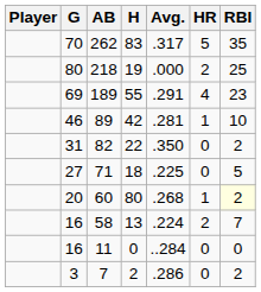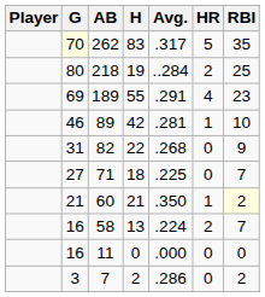 <table class="wikitable sortable" style="text-align:center;">
 <tr>
 <th>Player</th>
 <th>G</th>
 <th>AB</th>
 <th>H</th>
 <th>Avg.</th>
 <th>HR</th>
 <th>RBI</th>
 </tr>
 <tr>
 <td></td>
-<td>70</td>
+<td style="background: lightyellow;">70</td>
 <td>262</td>
 <td>83</td>
 <td>.317</td>
 <td>5</td>
 <td>35</td>
 </tr>
 <tr>
 <td></td>
 <td>80</td>
 <td>218</td>
 <td>19</td>
-<td>.000</td>
+<td>..284</td>
 <td>2</td>
 <td>25</td>
 </tr>
 <tr>
 <td></td>
 <td>69</td>
 <td>189</td>
 <td>55</td>
 <td>.291</td>
 <td>4</td>
 <td>23</td>
 </tr>
 <tr>
 <td></td>
 <td>46</td>
 <td>89</td>
 <td>42</td>
 <td>.281</td>
 <td>1</td>
 <td>10</td>
 </tr>
 <tr>
 <td></td>
 <td>31</td>
 <td>82</td>
 <td>22</td>
-<td>.350</td>
+<td>.268</td>
 <td>0</td>
-<td>2</td>
+<td>9</td>
 </tr>
 <tr>
 <td></td>
 <td>27</td>
 <td>71</td>
 <td>18</td>
 <td>.225</td>
 <td>0</td>
-<td>5</td>
+<td>7</td>
 </tr>
 <tr>
 <td></td>
-<td>20</td>
+<td>21</td>
 <td>60</td>
-<td>80</td>
-<td>.268</td>
+<td>21</td>
+<td>.350</td>
 <td>1</td>
 <td style="background: lightyellow;">2</td>
 </tr>
 <tr>
 <td></td>
 <td>16</td>
 <td>58</td>
 <td>13</td>
 <td>.224</td>
 <td>2</td>
 <td>7</td>
 </tr>
 <tr>
 <td></td>
 <td>16</td>
 <td>11</td>
 <td>0</td>
-<td>..284</td>
+<td>.000</td>
 <td>0</td>
 <td>0</td>
 </tr>
 <tr>
 <td></td>
 <td>3</td>
 <td>7</td>
 <td>2</td>
 <td>.286</td>
 <td>0</td>
 <td>2</td>
 </tr>
 </table>
